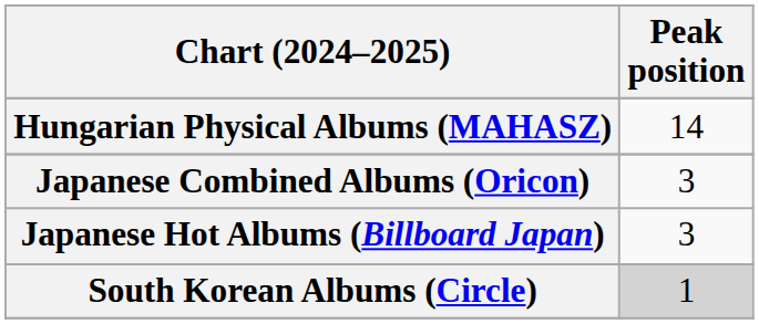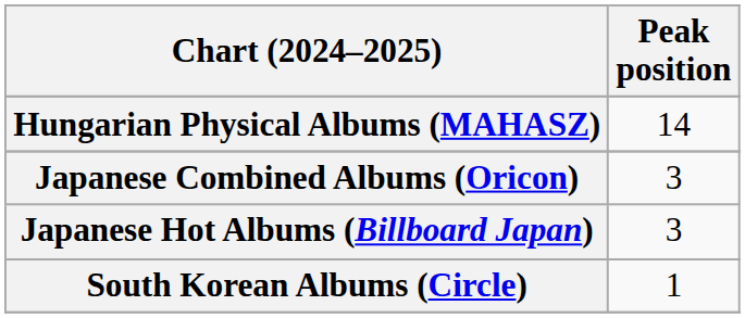 <table class="wikitable sortable plainrowheaders" style="text-align:center">
 <tr>
 <th scope="col">Chart (2024–2025)</th>
 <th scope="col">Peak<br>position</th>
 </tr>
 <tr>
 </tr>
 <tr>
 </tr>
 <tr>
 </tr>
 <tr>
 </tr>
 <tr>
 </tr>
 <tr>
 <th scope="row">Hungarian Physical Albums (<a href='#'>MAHASZ</a>)</th>
 <td>14</td>
 </tr>
 <tr>
 </tr>
 <tr>
 <th scope="row">Japanese Combined Albums (<a href='#'>Oricon</a>)</th>
 <td>3</td>
 </tr>
 <tr>
 <th scope="row">Japanese Hot Albums (<em><a href='#'>Billboard Japan</a></em>)</th>
 <td>3</td>
 </tr>
 <tr>
 </tr>
 <tr>
 </tr>
 <tr>
 <th scope="row">South Korean Albums (<a href='#'>Circle</a>)</th>
-<td style="background: lightgrey;">1</td>
+<td>1</td>
 </tr>
 <tr>
 </tr>
 <tr>
 </tr>
 <tr>
 </tr>
 <tr>
 </tr>
 <tr>
 </tr>
 </table>
